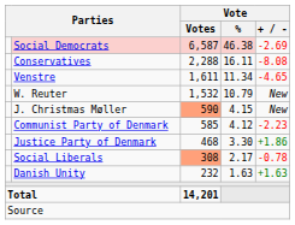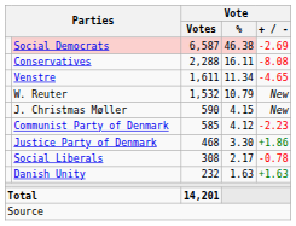 <table class="wikitable" style="text-align:right;">
 <tr>
 <th style="text-align:centre;" rowspan="2" colspan="2" width="225">Parties</th>
 <th colspan="3">Vote</th>
 </tr>
 <tr>
 <th width="15">Votes</th>
 <th width="15">%</th>
 <th width="15">+ / -</th>
 </tr>
 <tr>
 <td width="2" style="color:inherit;background:"></td>
 <td bgcolor=#fbd0ce  align="left"><a href='#'>Social Democrats</a></td>
 <td bgcolor=#fbd0ce>6,587</td>
 <td bgcolor=#fbd0ce>46.38</td>
 <td style=color:red;>-2.69</td>
 </tr>
 <tr>
 <td width="2" style="color:inherit;background:"></td>
 <td align="left"><a href='#'>Conservatives</a></td>
 <td>2,288</td>
 <td>16.11</td>
 <td style=color:red;>-8.08</td>
 </tr>
 <tr>
 <td width="2" style="color:inherit;background:"></td>
 <td align="left"><a href='#'>Venstre</a></td>
 <td>1,611</td>
 <td>11.34</td>
 <td style=color:red;>-4.65</td>
 </tr>
 <tr>
 <td width="2" style="color:inherit;background:"></td>
 <td align="left">W. Reuter</td>
 <td>1,532</td>
 <td>10.79</td>
 <td><em>New</em></td>
 </tr>
 <tr>
 <td width="2" style="color:inherit;background:"></td>
 <td align="left">J. Christmas Møller</td>
-<td style="background: lightsalmon;">590</td>
+<td>590</td>
 <td>4.15</td>
 <td><em>New</em></td>
 </tr>
 <tr>
 <td width="2" style="color:inherit;background:"></td>
 <td align="left"><a href='#'>Communist Party of Denmark</a></td>
 <td>585</td>
 <td>4.12</td>
 <td style=color:red;>-2.23</td>
 </tr>
 <tr>
 <td width="2" style="color:inherit;background:"></td>
 <td align="left"><a href='#'>Justice Party of Denmark</a></td>
 <td>468</td>
 <td>3.30</td>
 <td style=color:green;>+1.86</td>
 </tr>
 <tr>
 <td width="2" style="color:inherit;background:"></td>
 <td align="left"><a href='#'>Social Liberals</a></td>
-<td style="background: lightsalmon;">308</td>
+<td>308</td>
 <td>2.17</td>
 <td style=color:red;>-0.78</td>
 </tr>
 <tr>
 <td width="2" style="color:inherit;background:"></td>
 <td align="left"><a href='#'>Danish Unity</a></td>
 <td>232</td>
 <td>1.63</td>
 <td style=color:green;>+1.63</td>
 </tr>
 <tr>
 <td colspan="7" bgcolor="#E9E9E9"></td>
 </tr>
 <tr>
 <td align="left" colspan="2"><strong>Total</strong></td>
 <td><strong>14,201</strong></td>
 <td bgcolor="#E9E9E9" colspan="2"></td>
 </tr>
 <tr>
 <td align="left" colspan="6">Source</td>
 </tr>
 </table>
